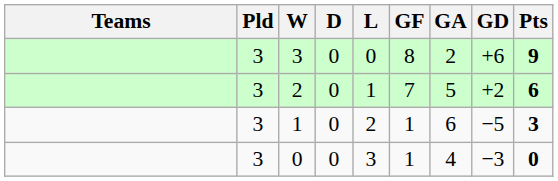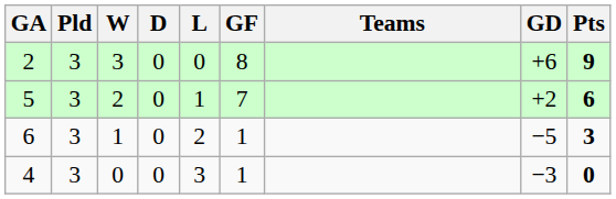 <table class="wikitable" style="text-align: center;">
 <tr>
-<th width=165>Teams</th>
+<th width=20>GA</th>
 <th width=20>Pld</th>
 <th width=20>W</th>
 <th width=20>D</th>
 <th width=20>L</th>
 <th width=20>GF</th>
-<th width=20>GA</th>
+<th width=165>Teams</th>
 <th width=20>GD</th>
 <th width=20>Pts</th>
 </tr>
 <tr align=center style="background:#ccffcc;">
-<td style="text-align:left;"></td>
+<td>2</td>
 <td>3</td>
 <td>3</td>
 <td>0</td>
 <td>0</td>
 <td>8</td>
-<td>2</td>
+<td style="text-align:left;"></td>
 <td>+6</td>
 <td><strong>9</strong></td>
 </tr>
 <tr align=center style="background:#ccffcc;">
-<td style="text-align:left;"></td>
+<td>5</td>
 <td>3</td>
 <td>2</td>
 <td>0</td>
 <td>1</td>
 <td>7</td>
-<td>5</td>
+<td style="text-align:left;"></td>
 <td>+2</td>
 <td><strong>6</strong></td>
 </tr>
 <tr align=center>
-<td style="text-align:left;"></td>
+<td>6</td>
 <td>3</td>
 <td>1</td>
 <td>0</td>
 <td>2</td>
 <td>1</td>
-<td>6</td>
+<td style="text-align:left;"></td>
 <td>−5</td>
 <td><strong>3</strong></td>
 </tr>
 <tr align=center>
-<td style="text-align:left;"></td>
+<td>4</td>
 <td>3</td>
 <td>0</td>
 <td>0</td>
 <td>3</td>
 <td>1</td>
-<td>4</td>
+<td style="text-align:left;"></td>
 <td>−3</td>
 <td><strong>0</strong></td>
 </tr>
 </table>
